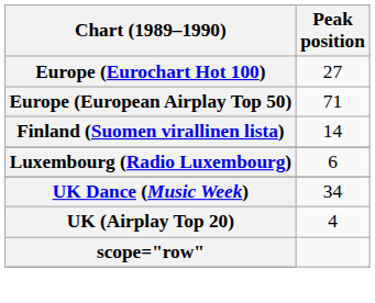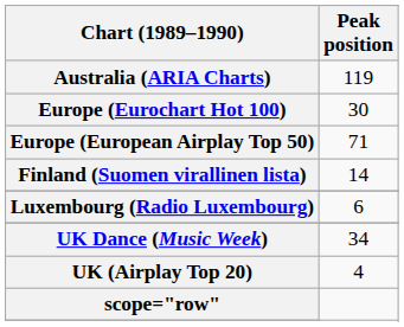 <table class="wikitable sortable plainrowheaders">
 <tr>
 <th>Chart (1989–1990)</th>
 <th>Peak<br>position</th>
 </tr>
 <tr>
+<th scope="row">Australia (<a href='#'>ARIA Charts</a>)</th>
+<td align="center">119</td>
+</tr>
+<tr>
 <th scope="row">Europe (<a href='#'>Eurochart Hot 100</a>)</th>
-<td align="center">27</td>
+<td align="center">30</td>
 </tr>
 <tr>
 <th scope="row">Europe (European Airplay Top 50)</th>
 <td align="center">71</td>
 </tr>
 <tr>
 <th scope="row">Finland (<a href='#'>Suomen virallinen lista</a>)</th>
 <td align="center">14</td>
 </tr>
 <tr>
 </tr>
 <tr>
 </tr>
 <tr>
 <th scope="row">Luxembourg (<a href='#'>Radio Luxembourg</a>)</th>
 <td align="center">6</td>
 </tr>
 <tr>
 </tr>
 <tr>
 <th scope="row"><a href='#'>UK Dance</a> (<em><a href='#'>Music Week</a></em>)</th>
 <td align="center">34</td>
 </tr>
 <tr>
 <th scope="row">UK (Airplay Top 20)</th>
 <td align="center">4</td>
 </tr>
 <tr>
 <th>scope="row"</th>
 </tr>
 <tr>
 </tr>
 </table>
